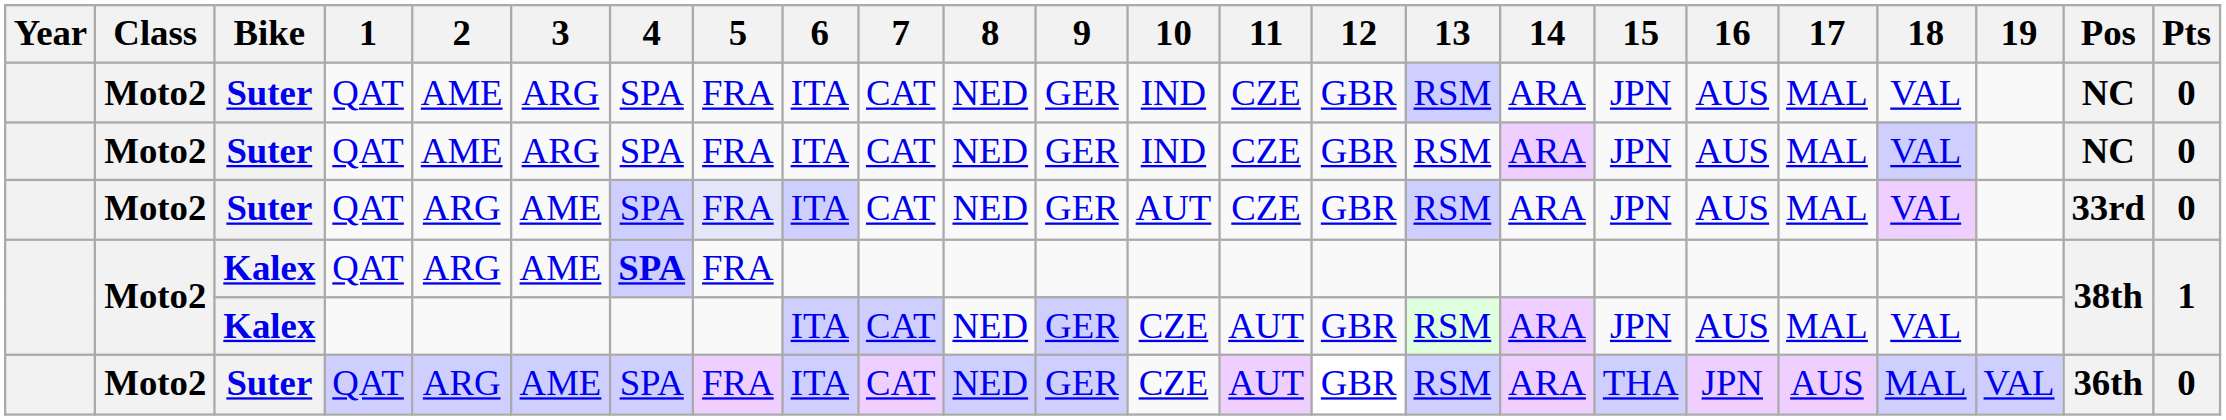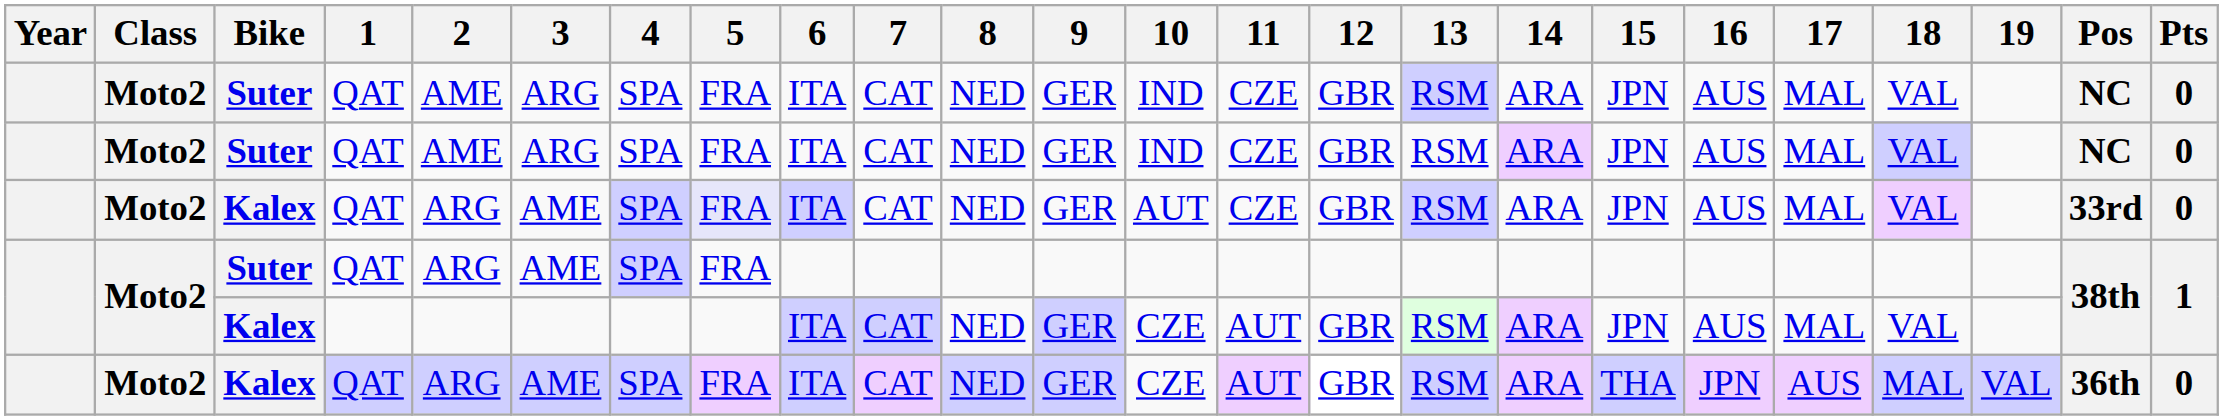 <table class="wikitable" style="text-align:center;">
 <tr>
 <th>Year</th>
 <th>Class</th>
 <th>Bike</th>
 <th>1</th>
 <th>2</th>
 <th>3</th>
 <th>4</th>
 <th>5</th>
 <th>6</th>
 <th>7</th>
 <th>8</th>
 <th>9</th>
 <th>10</th>
 <th>11</th>
 <th>12</th>
 <th>13</th>
 <th>14</th>
 <th>15</th>
 <th>16</th>
 <th>17</th>
 <th>18</th>
 <th>19</th>
 <th>Pos</th>
 <th>Pts</th>
 </tr>
 <tr>
 <th></th>
 <th>Moto2</th>
 <th><a href='#'>Suter</a></th>
 <td><a href='#'>QAT</a></td>
 <td><a href='#'>AME</a></td>
 <td><a href='#'>ARG</a></td>
 <td><a href='#'>SPA</a></td>
 <td><a href='#'>FRA</a></td>
 <td><a href='#'>ITA</a></td>
 <td><a href='#'>CAT</a></td>
 <td><a href='#'>NED</a></td>
 <td><a href='#'>GER</a></td>
 <td><a href='#'>IND</a></td>
 <td><a href='#'>CZE</a></td>
 <td><a href='#'>GBR</a></td>
 <td style="background:#CFCFFF;"><a href='#'>RSM</a><br></td>
 <td><a href='#'>ARA</a></td>
 <td><a href='#'>JPN</a></td>
 <td><a href='#'>AUS</a></td>
 <td><a href='#'>MAL</a></td>
 <td><a href='#'>VAL</a></td>
 <td></td>
 <th>NC</th>
 <th>0</th>
 </tr>
 <tr>
 <th></th>
 <th>Moto2</th>
 <th><a href='#'>Suter</a></th>
 <td><a href='#'>QAT</a></td>
 <td><a href='#'>AME</a></td>
 <td><a href='#'>ARG</a></td>
 <td><a href='#'>SPA</a></td>
 <td><a href='#'>FRA</a></td>
 <td><a href='#'>ITA</a></td>
 <td><a href='#'>CAT</a></td>
 <td><a href='#'>NED</a></td>
 <td><a href='#'>GER</a></td>
 <td><a href='#'>IND</a></td>
 <td><a href='#'>CZE</a></td>
 <td><a href='#'>GBR</a></td>
 <td><a href='#'>RSM</a></td>
 <td style="background:#EFCFFF;"><a href='#'>ARA</a><br></td>
 <td><a href='#'>JPN</a></td>
 <td><a href='#'>AUS</a></td>
 <td><a href='#'>MAL</a></td>
 <td style="background:#CFCFFF;"><a href='#'>VAL</a><br></td>
 <td></td>
 <th>NC</th>
 <th>0</th>
 </tr>
 <tr>
 <th></th>
 <th>Moto2</th>
-<th><a href='#'>Suter</a></th>
+<th><a href='#'>Kalex</a></th>
 <td><a href='#'>QAT</a></td>
 <td><a href='#'>ARG</a></td>
 <td><a href='#'>AME</a></td>
 <td style="background:#CFCFFF;"><a href='#'>SPA</a><br></td>
 <td style="background: lavender;"><a href='#'>FRA</a></td>
 <td style="background:#CFCFFF;"><a href='#'>ITA</a><br></td>
 <td><a href='#'>CAT</a></td>
 <td><a href='#'>NED</a></td>
 <td><a href='#'>GER</a></td>
 <td><a href='#'>AUT</a></td>
 <td><a href='#'>CZE</a></td>
 <td><a href='#'>GBR</a></td>
 <td style="background:#CFCFFF;"><a href='#'>RSM</a><br></td>
 <td><a href='#'>ARA</a></td>
 <td><a href='#'>JPN</a></td>
 <td><a href='#'>AUS</a></td>
 <td><a href='#'>MAL</a></td>
 <td style="background:#EFCFFF;"><a href='#'>VAL</a><br></td>
 <td></td>
 <th>33rd</th>
 <th>0</th>
 </tr>
 <tr>
 <th rowspan="2"></th>
 <th rowspan="2">Moto2</th>
-<th><a href='#'>Kalex</a></th>
+<th><a href='#'>Suter</a></th>
 <td><a href='#'>QAT</a></td>
 <td><a href='#'>ARG</a></td>
 <td><a href='#'>AME</a></td>
-<td style="background:#CFCFFF;"><strong><a href='#'>SPA</a><br></strong></td>
+<td style="background:#CFCFFF;"><a href='#'>SPA</a><br></td>
 <td><a href='#'>FRA</a></td>
 <td></td>
 <td></td>
 <td></td>
 <td></td>
 <td></td>
 <td></td>
 <td></td>
 <td></td>
 <td></td>
 <td></td>
 <td></td>
 <td></td>
 <td></td>
 <td></td>
 <th rowspan=2>38th</th>
 <th rowspan=2>1</th>
 </tr>
 <tr>
 <th><a href='#'>Kalex</a></th>
 <td></td>
 <td></td>
 <td></td>
 <td></td>
 <td></td>
 <td style="background:#CFCFFF;"><a href='#'>ITA</a><br></td>
 <td style="background:#CFCFFF;"><a href='#'>CAT</a><br></td>
 <td><a href='#'>NED</a></td>
 <td style="background:#CFCFFF;"><a href='#'>GER</a><br></td>
 <td><a href='#'>CZE</a></td>
 <td><a href='#'>AUT</a></td>
 <td><a href='#'>GBR</a></td>
 <td style="background:#DFFFDF;"><a href='#'>RSM</a><br></td>
 <td style="background:#EFCFFF;"><a href='#'>ARA</a><br></td>
 <td><a href='#'>JPN</a></td>
 <td><a href='#'>AUS</a></td>
 <td><a href='#'>MAL</a></td>
 <td><a href='#'>VAL</a></td>
 </tr>
 <tr>
 <th></th>
 <th>Moto2</th>
-<th><a href='#'>Suter</a></th>
+<th><a href='#'>Kalex</a></th>
 <td style="background:#CFCFFF;"><a href='#'>QAT</a><br></td>
 <td style="background:#CFCFFF;"><a href='#'>ARG</a><br></td>
 <td style="background:#CFCFFF;"><a href='#'>AME</a><br></td>
 <td style="background:#CFCFFF;"><a href='#'>SPA</a><br></td>
 <td style="background:#EFCFFF;"><a href='#'>FRA</a><br></td>
 <td style="background:#CFCFFF;"><a href='#'>ITA</a><br></td>
 <td style="background:#EFCFFF;"><a href='#'>CAT</a><br></td>
 <td style="background:#CFCFFF;"><a href='#'>NED</a><br></td>
 <td style="background:#CFCFFF;"><a href='#'>GER</a><br></td>
 <td><a href='#'>CZE</a></td>
 <td style="background:#EFCFFF;"><a href='#'>AUT</a><br></td>
 <td style="background:#FFFFFF;"><a href='#'>GBR</a><br></td>
 <td style="background:#CFCFFF;"><a href='#'>RSM</a><br></td>
 <td style="background:#EFCFFF;"><a href='#'>ARA</a><br></td>
 <td style="background:#CFCFFF;"><a href='#'>THA</a><br></td>
 <td style="background:#EFCFFF;"><a href='#'>JPN</a><br></td>
 <td style="background:#EFCFFF;"><a href='#'>AUS</a><br></td>
 <td style="background:#CFCFFF;"><a href='#'>MAL</a><br></td>
 <td style="background:#CFCFFF;"><a href='#'>VAL</a><br></td>
 <th>36th</th>
 <th>0</th>
 </tr>
 </table>
